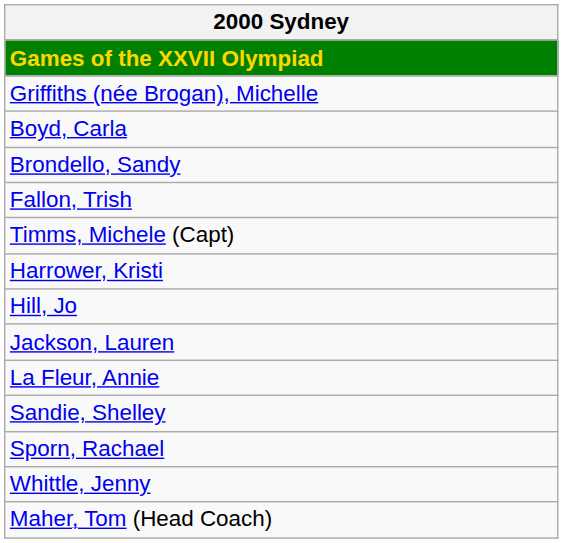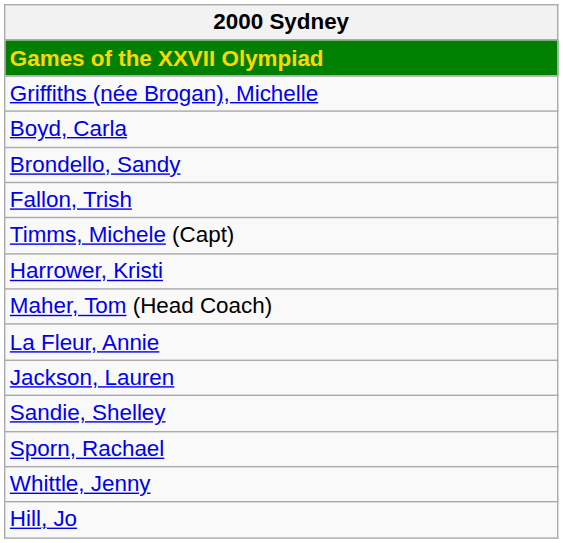 <table class="wikitable collapsible autocollapse" width=25%>
 <tr>
 <th>2000 Sydney</th>
 </tr>
 <tr>
 <td bgcolor=green style="color:gold; width:200px"><strong>Games of the XXVII Olympiad</strong></td>
 </tr>
 <tr>
 <td><a href='#'>Griffiths (née Brogan), Michelle</a></td>
 </tr>
 <tr>
 <td><a href='#'>Boyd, Carla</a></td>
 </tr>
 <tr>
 <td><a href='#'>Brondello, Sandy</a></td>
 </tr>
 <tr>
 <td><a href='#'>Fallon, Trish</a></td>
 </tr>
 <tr>
 <td><a href='#'>Timms, Michele</a> (Capt)</td>
 </tr>
 <tr>
 <td><a href='#'>Harrower, Kristi</a></td>
 </tr>
 <tr>
-<td><a href='#'>Hill, Jo</a></td>
+<td><a href='#'>Maher, Tom</a> (Head Coach)</td>
+</tr>
+<tr>
+<td><a href='#'>La Fleur, Annie</a></td>
 </tr>
 <tr>
 <td><a href='#'>Jackson, Lauren</a></td>
-</tr>
-<tr>
-<td><a href='#'>La Fleur, Annie</a></td>
 </tr>
 <tr>
 <td><a href='#'>Sandie, Shelley</a></td>
 </tr>
 <tr>
 <td><a href='#'>Sporn, Rachael</a></td>
 </tr>
 <tr>
 <td><a href='#'>Whittle, Jenny</a></td>
 </tr>
 <tr>
-<td><a href='#'>Maher, Tom</a> (Head Coach)</td>
+<td><a href='#'>Hill, Jo</a></td>
 </tr>
 </table>
